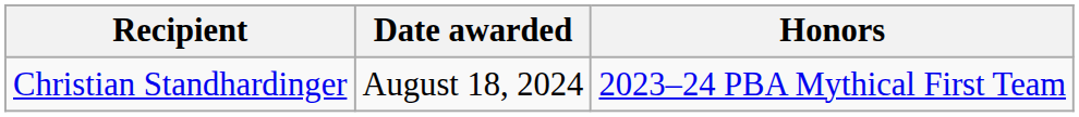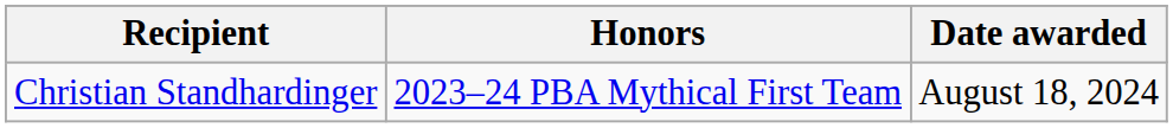 <table class="wikitable sortable sortable" style="text-align: center">
 <tr>
 <th>Recipient</th>
+<th>Honors</th>
 <th>Date awarded</th>
-<th>Honors</th>
 </tr>
 <tr>
 <td><a href='#'>Christian Standhardinger</a></td>
+<td><a href='#'>2023–24 PBA Mythical First Team</a></td>
 <td>August 18, 2024</td>
-<td><a href='#'>2023–24 PBA Mythical First Team</a></td>
 </tr>
 </table>
